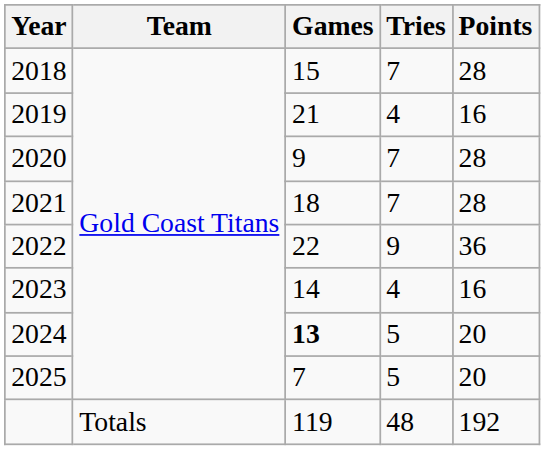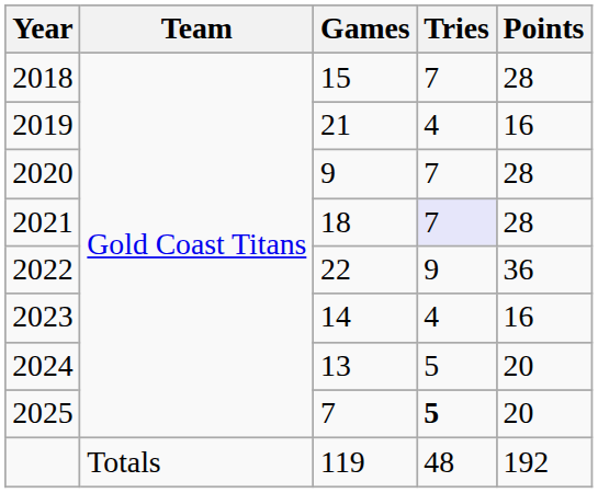 <table class="wikitable">
 <tr>
 <th>Year</th>
 <th>Team</th>
 <th>Games</th>
 <th>Tries</th>
 <th>Points</th>
 </tr>
 <tr>
 <td>2018</td>
 <td rowspan="8"> <a href='#'>Gold Coast Titans</a></td>
 <td>15</td>
 <td>7</td>
 <td>28</td>
 </tr>
 <tr>
 <td>2019</td>
 <td>21</td>
 <td>4</td>
 <td>16</td>
 </tr>
 <tr>
 <td>2020</td>
 <td>9</td>
 <td>7</td>
 <td>28</td>
 </tr>
 <tr>
 <td>2021</td>
 <td>18</td>
-<td>7</td>
+<td style="background: lavender;">7</td>
 <td>28</td>
 </tr>
 <tr>
 <td>2022</td>
 <td>22</td>
 <td>9</td>
 <td>36</td>
 </tr>
 <tr>
 <td>2023</td>
 <td>14</td>
 <td>4</td>
 <td>16</td>
 </tr>
 <tr>
 <td>2024</td>
-<td><strong>13</strong></td>
+<td>13</td>
 <td>5</td>
 <td>20</td>
 </tr>
 <tr>
 <td>2025</td>
 <td>7</td>
-<td>5</td>
+<td><strong>5</strong></td>
 <td>20</td>
 </tr>
 <tr>
 <td></td>
 <td>Totals</td>
 <td>119</td>
 <td>48</td>
 <td>192</td>
 </tr>
 </table>
